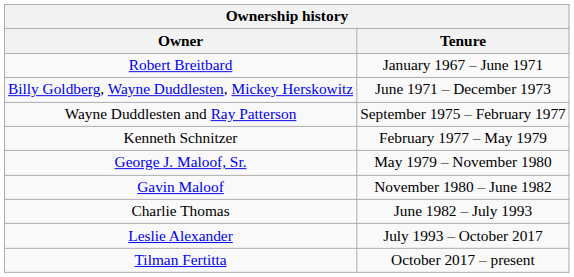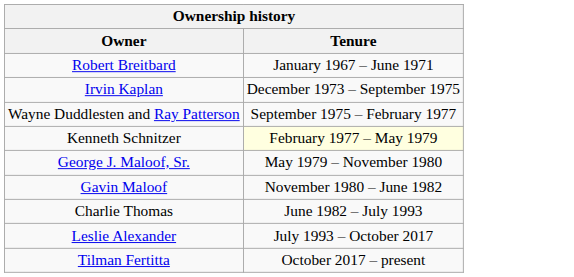 <table class="wikitable" style="text-align:center">
 <tr>
 <th colspan="2">Ownership history</th>
 </tr>
 <tr>
 <th>Owner</th>
 <th>Tenure</th>
 </tr>
 <tr>
 <td><a href='#'>Robert Breitbard</a></td>
 <td>January 1967 – June 1971</td>
 </tr>
 <tr>
-<td><a href='#'>Billy Goldberg</a>, <a href='#'>Wayne Duddlesten</a>, <a href='#'>Mickey Herskowitz</a></td>
-<td>June 1971 – December 1973</td>
+<td><a href='#'>Irvin Kaplan</a></td>
+<td>December 1973 – September 1975</td>
 </tr>
 <tr>
 <td>Wayne Duddlesten and <a href='#'>Ray Patterson</a></td>
 <td>September 1975 – February 1977</td>
 </tr>
 <tr>
 <td>Kenneth Schnitzer</td>
-<td>February 1977 – May 1979</td>
+<td style="background: lightyellow;">February 1977 – May 1979</td>
 </tr>
 <tr>
 <td><a href='#'>George J. Maloof, Sr.</a></td>
 <td>May 1979 – November 1980</td>
 </tr>
 <tr>
 <td><a href='#'>Gavin Maloof</a></td>
 <td>November 1980 – June 1982</td>
 </tr>
 <tr>
 <td>Charlie Thomas</td>
 <td>June 1982 – July 1993</td>
 </tr>
 <tr>
 <td><a href='#'>Leslie Alexander</a></td>
 <td>July 1993 – October 2017</td>
 </tr>
 <tr>
 <td><a href='#'>Tilman Fertitta</a></td>
 <td>October 2017 – present</td>
 </tr>
 </table>
